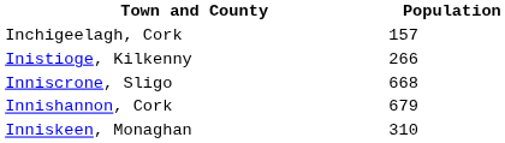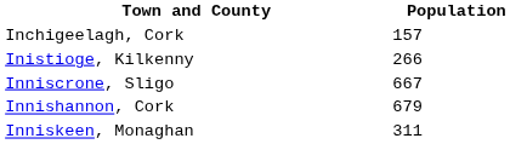 <table>
 <tr>
 <th style="width:300px;align:left;">Town and County</th>
 <th style="width:100px;align:right;">Population</th>
 </tr>
 <tr>
 <td>Inchigeelagh, Cork</td>
 <td>157</td>
 </tr>
 <tr>
 <td><a href='#'>Inistioge</a>, Kilkenny</td>
 <td>266</td>
 </tr>
 <tr>
 <td><a href='#'>Inniscrone</a>, Sligo</td>
-<td>668</td>
+<td>667</td>
 </tr>
 <tr>
 <td><a href='#'>Innishannon</a>, Cork</td>
 <td>679</td>
 </tr>
 <tr>
 <td><a href='#'>Inniskeen</a>, Monaghan</td>
-<td>310</td>
+<td>311</td>
 </tr>
 </table>
